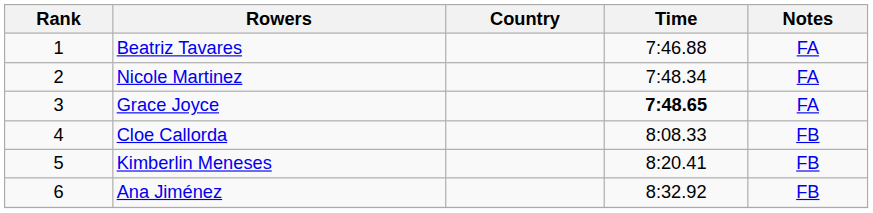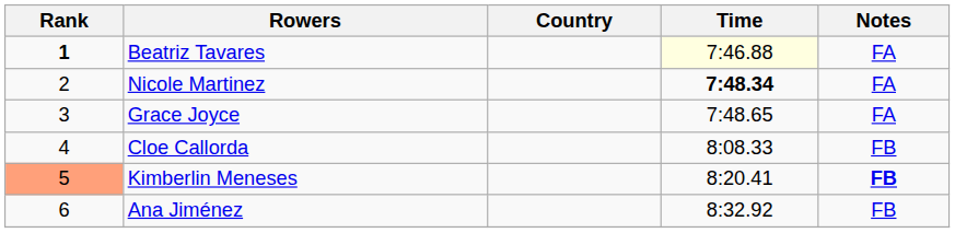 <table class="wikitable" width=60% style="text-align:center">
 <tr>
 <th>Rank</th>
 <th>Rowers</th>
 <th>Country</th>
 <th>Time</th>
 <th>Notes</th>
 </tr>
 <tr>
-<td>1</td>
+<td><strong>1</strong></td>
 <td align=left><a href='#'>Beatriz Tavares</a></td>
 <td align=left></td>
-<td>7:46.88</td>
+<td style="background: lightyellow;">7:46.88</td>
 <td><a href='#'>FA</a></td>
 </tr>
 <tr>
 <td>2</td>
 <td align=left><a href='#'>Nicole Martinez</a></td>
 <td align=left></td>
-<td>7:48.34</td>
+<td><strong>7:48.34</strong></td>
 <td><a href='#'>FA</a></td>
 </tr>
 <tr>
 <td>3</td>
 <td align=left><a href='#'>Grace Joyce</a></td>
 <td align=left></td>
-<td><strong>7:48.65</strong></td>
+<td>7:48.65</td>
 <td><a href='#'>FA</a></td>
 </tr>
 <tr>
 <td>4</td>
 <td align=left><a href='#'>Cloe Callorda</a></td>
 <td align=left></td>
 <td>8:08.33</td>
 <td><a href='#'>FB</a></td>
 </tr>
 <tr>
-<td>5</td>
+<td style="background: lightsalmon;">5</td>
 <td align=left><a href='#'>Kimberlin Meneses</a></td>
 <td align=left></td>
 <td>8:20.41</td>
-<td><a href='#'>FB</a></td>
+<td><strong><a href='#'>FB</a></strong></td>
 </tr>
 <tr>
 <td>6</td>
 <td align=left><a href='#'>Ana Jiménez</a></td>
 <td align=left></td>
 <td>8:32.92</td>
 <td><a href='#'>FB</a></td>
 </tr>
 <tr>
 </tr>
 </table>
